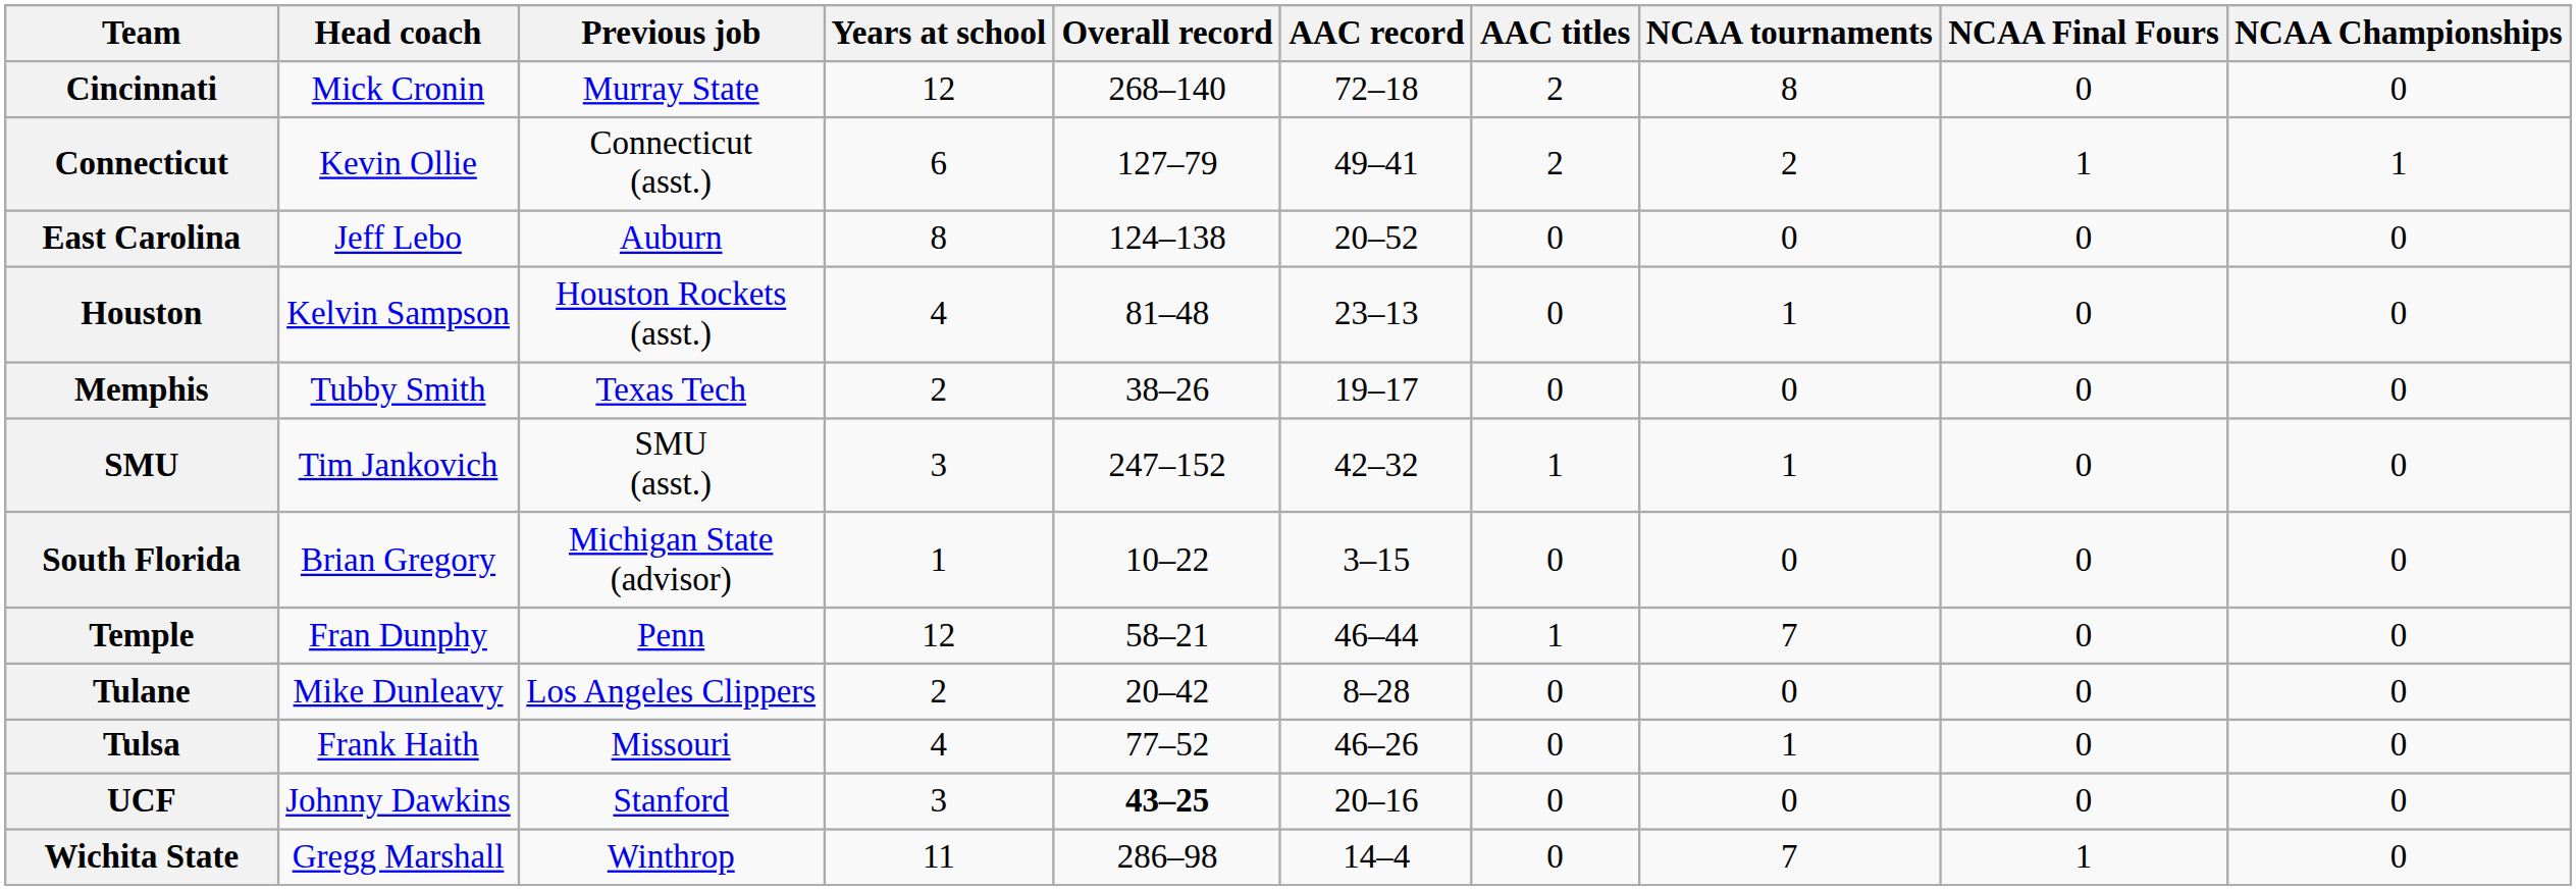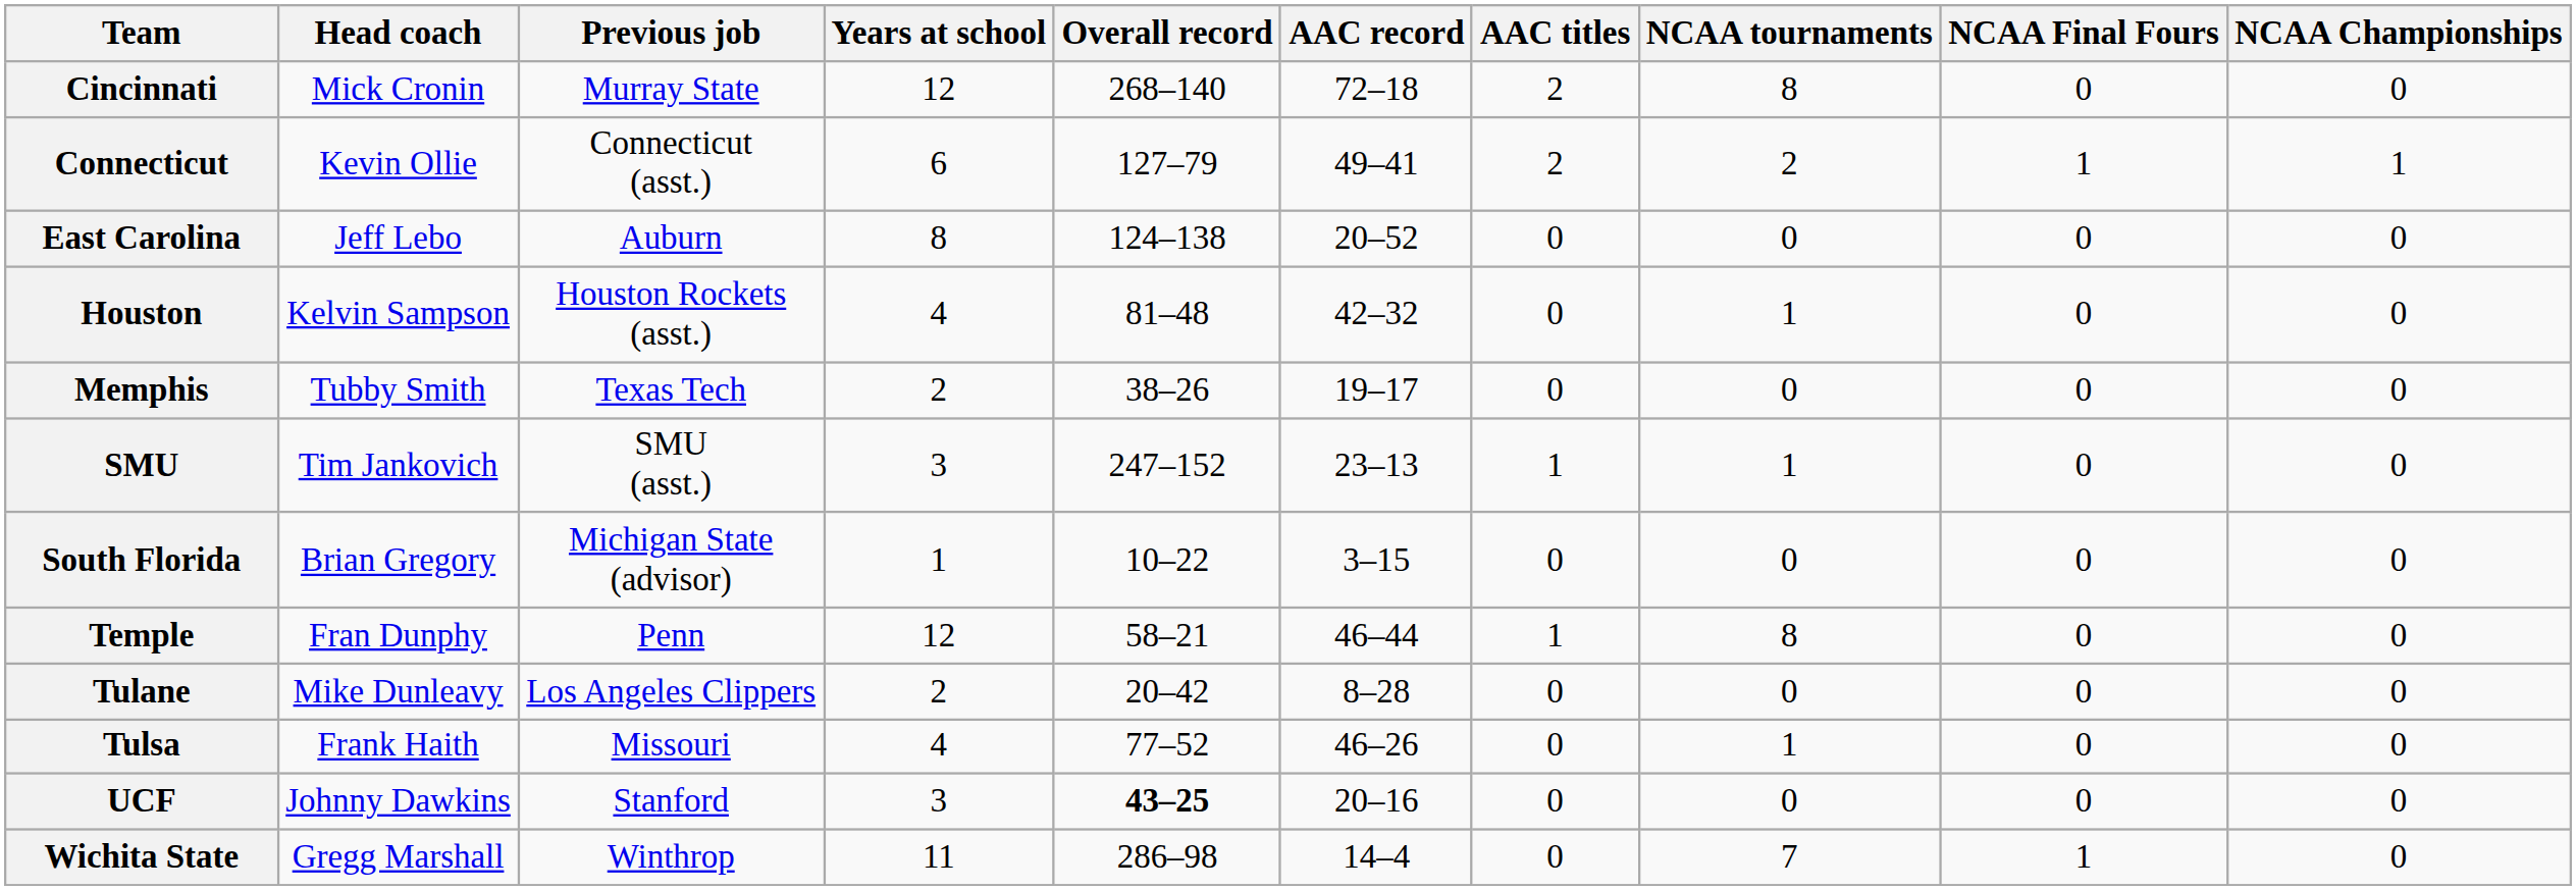 <table class="wikitable sortable" style="text-align: center;font-size:90%;">
 <tr>
 <th width="110">Team</th>
 <th>Head coach</th>
 <th>Previous job</th>
 <th>Years at school</th>
 <th>Overall record</th>
 <th>AAC record</th>
 <th>AAC titles</th>
 <th>NCAA tournaments</th>
 <th>NCAA Final Fours</th>
 <th>NCAA Championships</th>
 </tr>
 <tr>
 <th style=>Cincinnati</th>
 <td><a href='#'>Mick Cronin</a></td>
 <td><a href='#'>Murray State</a></td>
 <td>12</td>
 <td>268–140</td>
 <td>72–18</td>
 <td>2</td>
 <td>8</td>
 <td>0</td>
 <td>0</td>
 </tr>
 <tr>
 <th style=>Connecticut</th>
 <td><a href='#'>Kevin Ollie</a></td>
 <td>Connecticut<br>(asst.)</td>
 <td>6</td>
 <td>127–79</td>
 <td>49–41</td>
 <td>2</td>
 <td>2</td>
 <td>1</td>
 <td>1</td>
 </tr>
 <tr>
 <th style=>East Carolina</th>
 <td><a href='#'>Jeff Lebo</a></td>
 <td><a href='#'>Auburn</a></td>
 <td>8</td>
 <td>124–138</td>
 <td>20–52</td>
 <td>0</td>
 <td>0</td>
 <td>0</td>
 <td>0</td>
 </tr>
 <tr>
 <th>Houston</th>
 <td><a href='#'>Kelvin Sampson</a></td>
 <td><a href='#'>Houston Rockets</a><br>(asst.)</td>
 <td>4</td>
 <td>81–48</td>
-<td>23–13</td>
+<td>42–32</td>
 <td>0</td>
 <td>1</td>
 <td>0</td>
 <td>0</td>
 </tr>
 <tr>
 <th style=>Memphis</th>
 <td><a href='#'>Tubby Smith</a></td>
 <td><a href='#'>Texas Tech</a></td>
 <td>2</td>
 <td>38–26</td>
 <td>19–17</td>
 <td>0</td>
 <td>0</td>
 <td>0</td>
 <td>0</td>
 </tr>
 <tr>
 <th style=>SMU</th>
 <td><a href='#'>Tim Jankovich</a></td>
 <td>SMU<br>(asst.)</td>
 <td>3</td>
 <td>247–152</td>
-<td>42–32</td>
+<td>23–13</td>
 <td>1</td>
 <td>1</td>
 <td>0</td>
 <td>0</td>
 </tr>
 <tr>
 <th style=>South Florida</th>
 <td><a href='#'>Brian Gregory</a></td>
 <td><a href='#'>Michigan State</a><br>(advisor)</td>
 <td>1</td>
 <td>10–22</td>
 <td>3–15</td>
 <td>0</td>
 <td>0</td>
 <td>0</td>
 <td>0</td>
 </tr>
 <tr>
 <th style=>Temple</th>
 <td><a href='#'>Fran Dunphy</a></td>
 <td><a href='#'>Penn</a></td>
 <td>12</td>
 <td>58–21</td>
 <td>46–44</td>
 <td>1</td>
-<td>7</td>
+<td>8</td>
 <td>0</td>
 <td>0</td>
 </tr>
 <tr>
 <th style=>Tulane</th>
 <td><a href='#'>Mike Dunleavy</a></td>
 <td><a href='#'>Los Angeles Clippers</a></td>
 <td>2</td>
 <td>20–42</td>
 <td>8–28</td>
 <td>0</td>
 <td>0</td>
 <td>0</td>
 <td>0</td>
 </tr>
 <tr>
 <th style=>Tulsa</th>
 <td><a href='#'>Frank Haith</a></td>
 <td><a href='#'>Missouri</a></td>
 <td>4</td>
 <td>77–52</td>
 <td>46–26</td>
 <td>0</td>
 <td>1</td>
 <td>0</td>
 <td>0</td>
 </tr>
 <tr>
 <th style=>UCF</th>
 <td><a href='#'>Johnny Dawkins</a></td>
 <td><a href='#'>Stanford</a></td>
 <td>3</td>
 <td><strong>43–25</strong></td>
 <td>20–16</td>
 <td>0</td>
 <td>0</td>
 <td>0</td>
 <td>0</td>
 </tr>
 <tr>
 <th style=>Wichita State</th>
 <td><a href='#'>Gregg Marshall</a></td>
 <td><a href='#'>Winthrop</a></td>
 <td>11</td>
 <td>286–98</td>
 <td>14–4</td>
 <td>0</td>
 <td>7</td>
 <td>1</td>
 <td>0</td>
 </tr>
 <tr>
 </tr>
 </table>
